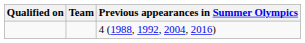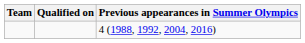 <table class="wikitable sortable">
 <tr>
+<th>Team</th>
 <th>Qualified on</th>
-<th>Team</th>
 <th data-sort-type="number">Previous appearances in <a href='#'>Summer Olympics</a></th>
 </tr>
 <tr>
 <td></td>
 <td></td>
 <td>4 (<a href='#'>1988</a>, <a href='#'>1992</a>, <a href='#'>2004</a>, <a href='#'>2016</a>)</td>
 </tr>
 </table>
